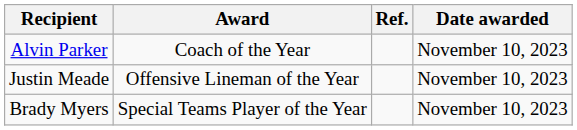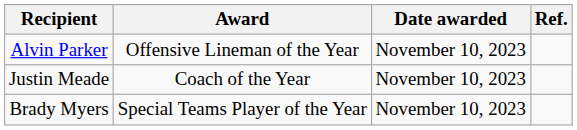 <table class="wikitable sortable" style="text-align:center">
 <tr>
 <th>Recipient</th>
 <th>Award</th>
+<th>Date awarded</th>
 <th>Ref.</th>
-<th>Date awarded</th>
 </tr>
 <tr>
 <td><a href='#'>Alvin Parker</a></td>
-<td>Coach of the Year</td>
+<td>Offensive Lineman of the Year</td>
+<td>November 10, 2023</td>
 <td></td>
-<td>November 10, 2023</td>
 </tr>
 <tr>
 <td>Justin Meade</td>
-<td>Offensive Lineman of the Year</td>
+<td>Coach of the Year</td>
+<td>November 10, 2023</td>
 <td></td>
-<td>November 10, 2023</td>
 </tr>
 <tr>
 <td>Brady Myers</td>
 <td>Special Teams Player of the Year</td>
+<td>November 10, 2023</td>
 <td></td>
-<td>November 10, 2023</td>
 </tr>
 </table>
